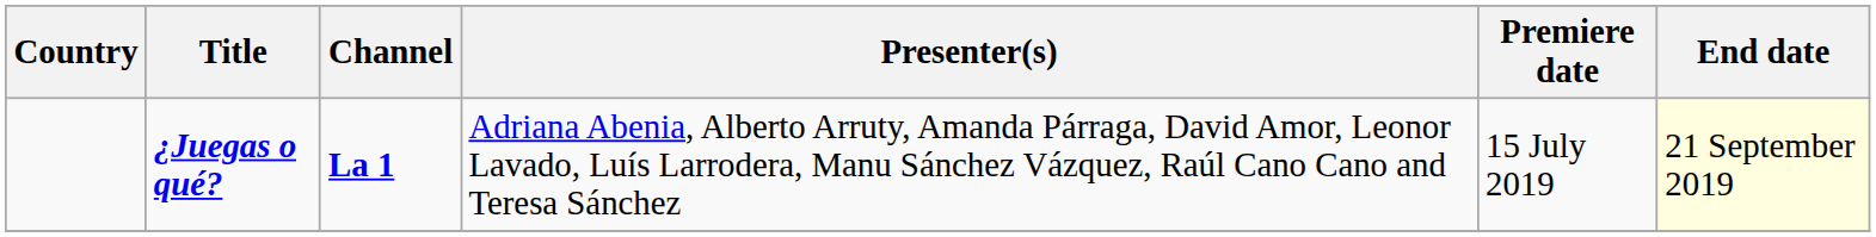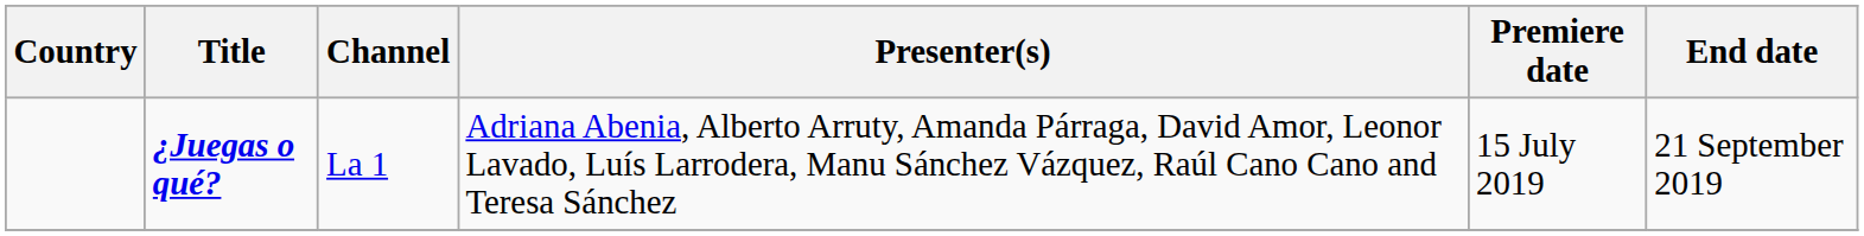 <table class="wikitable">
 <tr>
 <th>Country</th>
 <th>Title</th>
 <th>Channel</th>
 <th>Presenter(s)</th>
 <th>Premiere date</th>
 <th>End date</th>
 </tr>
 <tr>
 <td></td>
 <td><strong><em><a href='#'>¿Juegas o qué?</a></em></strong></td>
-<td><strong><a href='#'>La 1</a></strong></td>
+<td><a href='#'>La 1</a></td>
 <td><a href='#'>Adriana Abenia</a>, Alberto Arruty, Amanda Párraga, David Amor, Leonor Lavado, Luís Larrodera, Manu Sánchez Vázquez, Raúl Cano Cano and Teresa Sánchez</td>
 <td>15 July 2019</td>
-<td style="background: lightyellow;">21 September 2019</td>
+<td>21 September 2019</td>
 </tr>
 <tr>
 </tr>
 </table>
